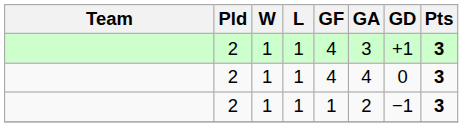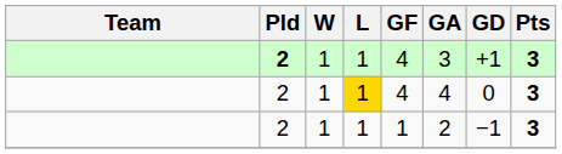 <table class="wikitable" style="text-align:center">
 <tr>
 <th width=175>Team</th>
 <th style="width:20px;" abbr="Played">Pld</th>
 <th style="width:20px;" abbr="Won">W</th>
 <th style="width:20px;" abbr="Lost">L</th>
 <th style="width:20px;" abbr="Goals for">GF</th>
 <th style="width:20px;" abbr="Goals against">GA</th>
 <th style="width:20px;" abbr="Goal difference">GD</th>
 <th style="width:20px;" abbr="Points">Pts</th>
 </tr>
 <tr style="background:#cfc;">
 <td align=left></td>
-<td>2</td>
+<td><strong>2</strong></td>
 <td>1</td>
 <td>1</td>
 <td>4</td>
 <td>3</td>
 <td>+1</td>
 <td><strong>3</strong></td>
 </tr>
 <tr>
 <td align=left></td>
 <td>2</td>
 <td>1</td>
-<td>1</td>
+<td style="background: gold;">1</td>
 <td>4</td>
 <td>4</td>
 <td>0</td>
 <td><strong>3</strong></td>
 </tr>
 <tr>
 <td align=left></td>
 <td>2</td>
 <td>1</td>
 <td>1</td>
 <td>1</td>
 <td>2</td>
 <td>−1</td>
 <td><strong>3</strong></td>
 </tr>
 <tr>
 </tr>
 </table>
